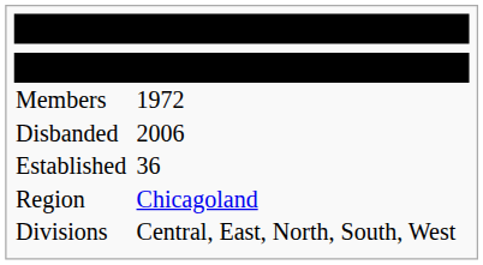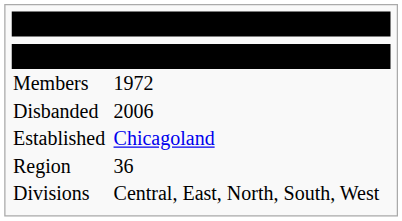 <table class="infobox">
 <tr>
 <th colspan="2" align=center bgcolor="#000000"><span><strong>South Inter-Athletic Association Conference</strong> </span></th>
 </tr>
 <tr>
 <td colspan="2" align=center></td>
 </tr>
 <tr>
 <th colspan="2" align=center bgcolor="#000000"><span><strong>Data</strong></span></th>
 </tr>
 <tr>
 <td>Members</td>
 <td>1972</td>
 </tr>
 <tr>
 <td>Disbanded</td>
 <td>2006</td>
 </tr>
 <tr>
 <td>Established</td>
-<td>36</td>
+<td><a href='#'>Chicagoland</a></td>
 </tr>
 <tr>
 <td>Region</td>
-<td><a href='#'>Chicagoland</a></td>
+<td>36</td>
 </tr>
 <tr>
 <td>Divisions</td>
 <td>Central, East, North, South, West</td>
 </tr>
 <tr>
 </tr>
 </table>
